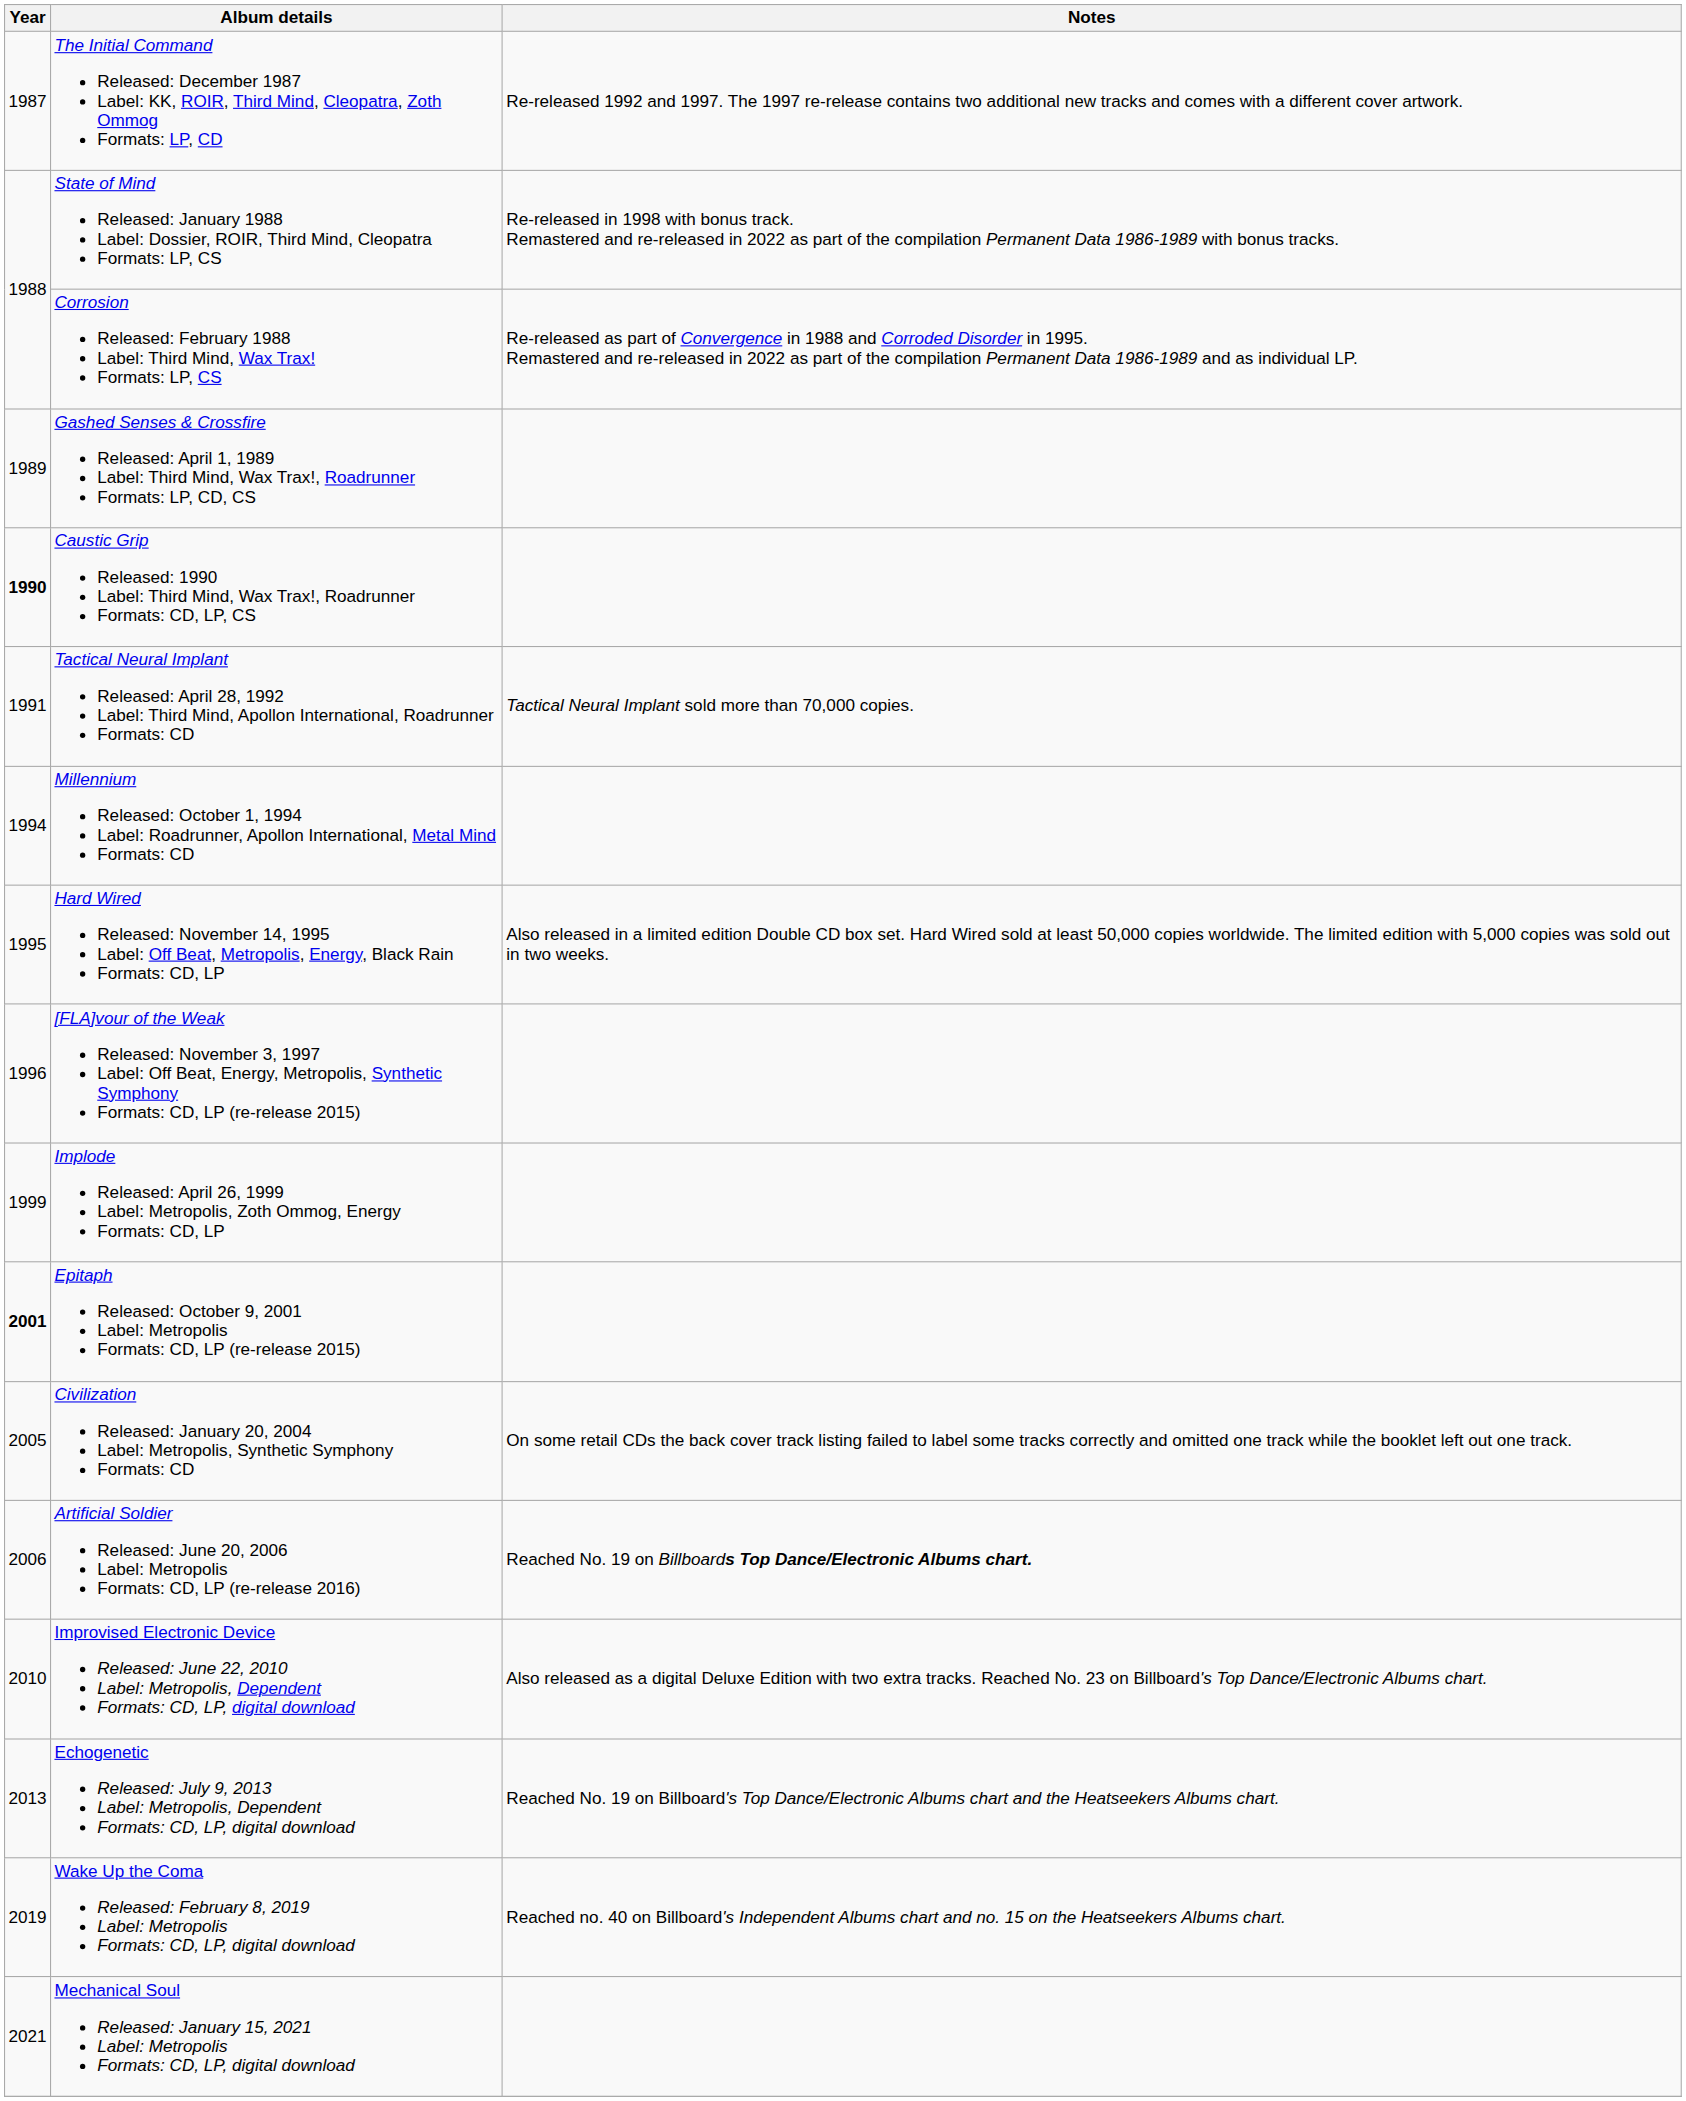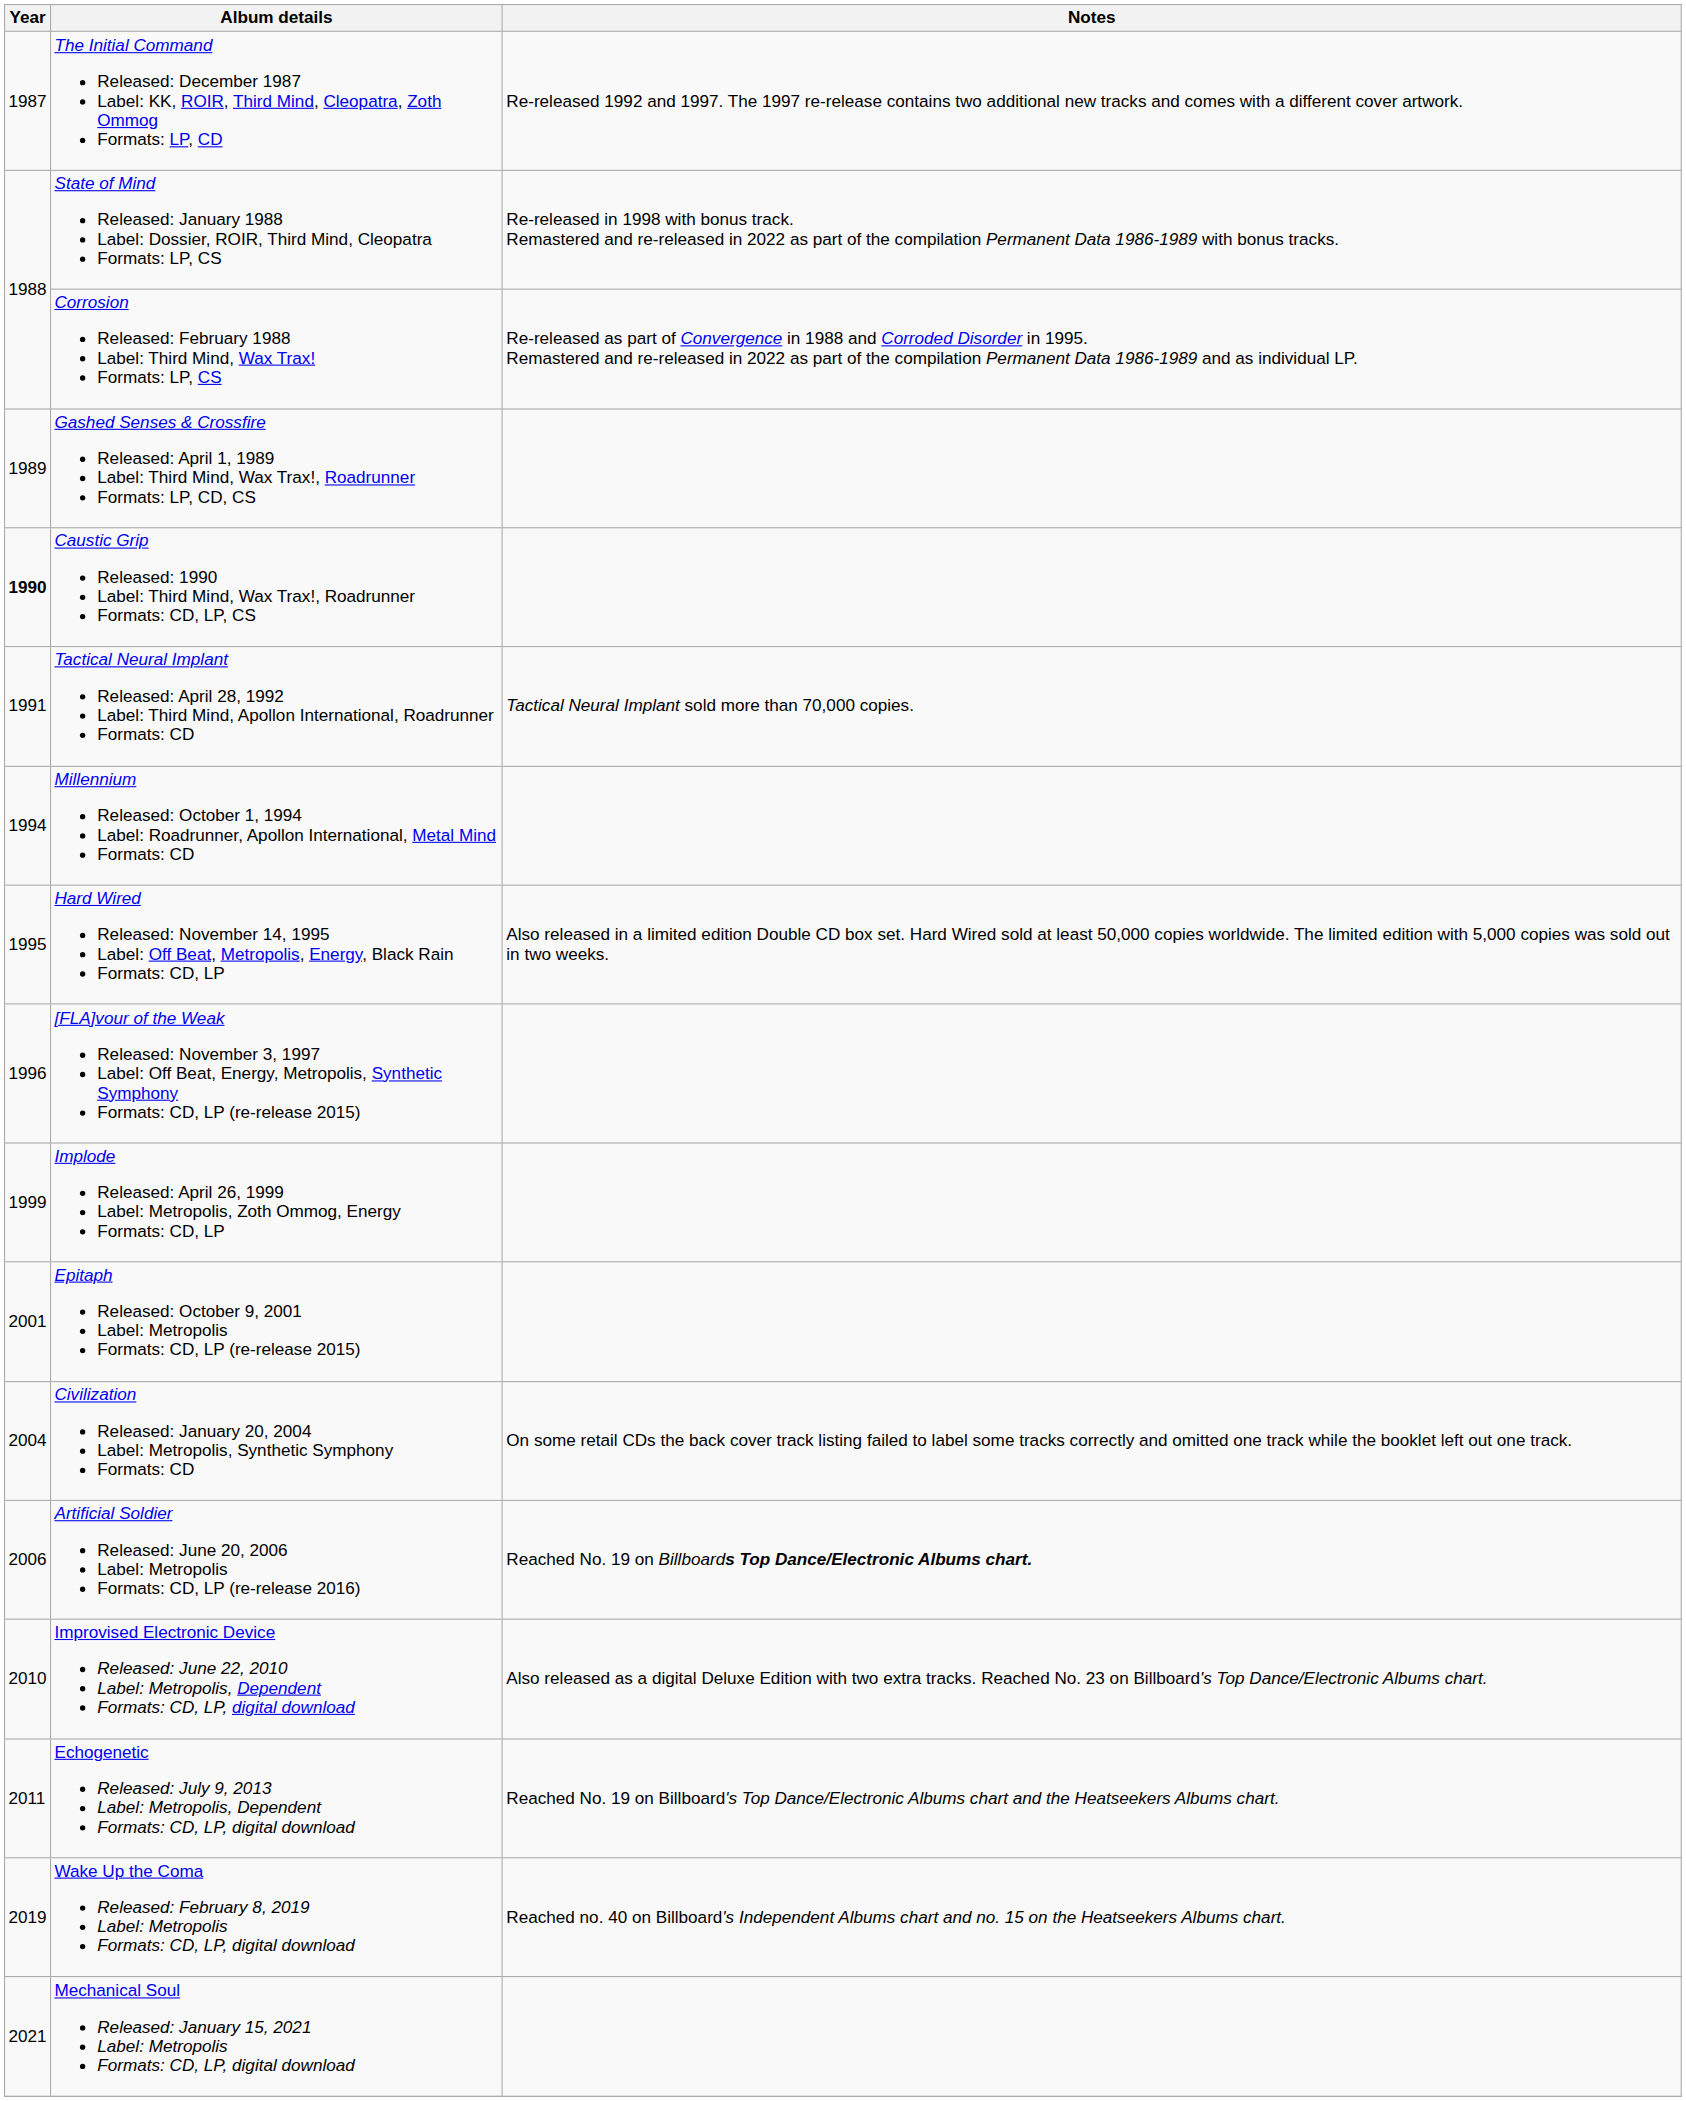 <table class="wikitable">
 <tr>
 <th>Year</th>
 <th>Album details</th>
 <th>Notes</th>
 </tr>
 <tr>
 <td>1987</td>
 <td><em><a href='#'>The Initial Command</a></em><br><ul><li>Released: December 1987</li><li>Label: KK, <a href='#'>ROIR</a>, <a href='#'>Third Mind</a>, <a href='#'>Cleopatra</a>, <a href='#'>Zoth Ommog</a></li><li>Formats: <a href='#'>LP</a>, <a href='#'>CD</a></li></ul></td>
 <td>Re-released 1992 and 1997. The 1997 re-release contains two additional new tracks and comes with a different cover artwork.</td>
 </tr>
 <tr>
 <td rowspan="2">1988</td>
 <td><em><a href='#'>State of Mind</a></em><br><ul><li>Released: January 1988</li><li>Label: Dossier, ROIR, Third Mind, Cleopatra</li><li>Formats: LP, CS</li></ul></td>
 <td>Re-released in 1998 with bonus track.<br>Remastered and re-released in 2022 as part of the compilation <em>Permanent Data 1986-1989</em> with bonus tracks.</td>
 </tr>
 <tr>
 <td><em><a href='#'>Corrosion</a></em><br><ul><li>Released: February 1988</li><li>Label: Third Mind, <a href='#'>Wax Trax!</a></li><li>Formats: LP, <a href='#'>CS</a></li></ul></td>
 <td>Re-released as part of <em><a href='#'>Convergence</a></em> in 1988 and <em><a href='#'>Corroded Disorder</a></em> in 1995.<br>Remastered and re-released in 2022 as part of the compilation <em>Permanent Data 1986-1989</em> and as individual LP.</td>
 </tr>
 <tr>
 <td>1989</td>
 <td><em><a href='#'>Gashed Senses & Crossfire</a></em><br><ul><li>Released: April 1, 1989</li><li>Label: Third Mind, Wax Trax!, <a href='#'>Roadrunner</a></li><li>Formats: LP, CD, CS</li></ul></td>
 <td></td>
 </tr>
 <tr>
 <td><strong>1990</strong></td>
 <td><em><a href='#'>Caustic Grip</a></em><br><ul><li>Released: 1990</li><li>Label: Third Mind, Wax Trax!, Roadrunner</li><li>Formats: CD, LP, CS</li></ul></td>
 <td></td>
 </tr>
 <tr>
 <td>1991</td>
 <td><em><a href='#'>Tactical Neural Implant</a></em><br><ul><li>Released: April 28, 1992</li><li>Label: Third Mind, Apollon International, Roadrunner</li><li>Formats: CD</li></ul></td>
 <td><em>Tactical Neural Implant</em> sold more than 70,000 copies.</td>
 </tr>
 <tr>
 <td>1994</td>
 <td><em><a href='#'>Millennium</a></em><br><ul><li>Released: October 1, 1994</li><li>Label: Roadrunner, Apollon International, <a href='#'>Metal Mind</a></li><li>Formats: CD</li></ul></td>
 <td></td>
 </tr>
 <tr>
 <td>1995</td>
 <td><em><a href='#'>Hard Wired</a></em><br><ul><li>Released: November 14, 1995</li><li>Label: <a href='#'>Off Beat</a>, <a href='#'>Metropolis</a>, <a href='#'>Energy</a>, Black Rain</li><li>Formats: CD, LP</li></ul></td>
 <td>Also released in a limited edition Double CD box set. Hard Wired sold at least 50,000 copies worldwide. The limited edition with 5,000 copies was sold out in two weeks.</td>
 </tr>
 <tr>
 <td>1996</td>
 <td><em><a href='#'>[FLA]vour of the Weak</a></em><br><ul><li>Released: November 3, 1997</li><li>Label: Off Beat, Energy, Metropolis, <a href='#'>Synthetic Symphony</a></li><li>Formats: CD, LP (re-release 2015)</li></ul></td>
 <td></td>
 </tr>
 <tr>
 <td>1999</td>
 <td><em><a href='#'>Implode</a></em><br><ul><li>Released: April 26, 1999</li><li>Label: Metropolis, Zoth Ommog, Energy</li><li>Formats: CD, LP</li></ul></td>
 <td></td>
 </tr>
 <tr>
-<td><strong>2001</strong></td>
+<td>2001</td>
 <td><em><a href='#'>Epitaph</a></em><br><ul><li>Released: October 9, 2001</li><li>Label: Metropolis</li><li>Formats: CD, LP (re-release 2015)</li></ul></td>
 <td></td>
 </tr>
 <tr>
-<td>2005</td>
+<td>2004</td>
 <td><em><a href='#'>Civilization</a></em><br><ul><li>Released: January 20, 2004</li><li>Label: Metropolis, Synthetic Symphony</li><li>Formats: CD</li></ul></td>
 <td>On some retail CDs the back cover track listing failed to label some tracks correctly and omitted one track while the booklet left out one track.</td>
 </tr>
 <tr>
 <td>2006</td>
 <td><em><a href='#'>Artificial Soldier</a></em><br><ul><li>Released: June 20, 2006</li><li>Label: Metropolis</li><li>Formats: CD, LP (re-release 2016)</li></ul></td>
 <td>Reached No. 19 on <em>Billboard<strong>s Top Dance/Electronic Albums chart.</td>
 </tr>
 <tr>
 <td>2010</td>
 <td></em><a href='#'>Improvised Electronic Device</a><em><br><ul><li>Released: June 22, 2010</li><li>Label: Metropolis, <a href='#'>Dependent</a></li><li>Formats: CD, LP, <a href='#'>digital download</a></li></ul></td>
 <td>Also released as a digital Deluxe Edition with two extra tracks. Reached No. 23 on </em>Billboard<em>'s Top Dance/Electronic Albums chart.</td>
 </tr>
 <tr>
-<td>2013</td>
+<td>2011</td>
 <td></em><a href='#'>Echogenetic</a><em><br><ul><li>Released: July 9, 2013</li><li>Label: Metropolis, Dependent</li><li>Formats: CD, LP, digital download</li></ul></td>
 <td>Reached No. 19 on </em>Billboard<em>'s Top Dance/Electronic Albums chart and the Heatseekers Albums chart.</td>
 </tr>
 <tr>
 <td>2019</td>
 <td></em><a href='#'>Wake Up the Coma</a><em><br><ul><li>Released: February 8, 2019</li><li>Label: Metropolis</li><li>Formats: CD, LP, digital download</li></ul></td>
 <td>Reached no. 40 on </em>Billboard<em>'s Independent Albums chart and no. 15 on the Heatseekers Albums chart.</td>
 </tr>
 <tr>
 <td>2021</td>
 <td></em><a href='#'>Mechanical Soul</a><em><br><ul><li>Released: January 15, 2021</li><li>Label: Metropolis</li><li>Formats: CD, LP, digital download</li></ul></td>
 <td></td>
 </tr>
 <tr>
 </tr>
 </table>
